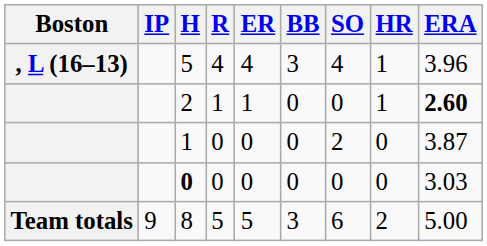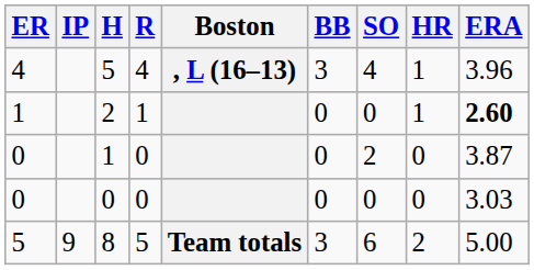 <table class="wikitable sortable plainrowheaders" border="2">
 <tr>
-<th scope="col">Boston</th>
+<th scope="col"><a href='#'>ER</a></th>
 <th scope="col"><a href='#'>IP</a></th>
 <th scope="col"><a href='#'>H</a></th>
 <th scope="col"><a href='#'>R</a></th>
-<th scope="col"><a href='#'>ER</a></th>
+<th scope="col">Boston</th>
 <th scope="col"><a href='#'>BB</a></th>
 <th scope="col"><a href='#'>SO</a></th>
 <th scope="col"><a href='#'>HR</a></th>
 <th scope="col"><a href='#'>ERA</a></th>
 </tr>
 <tr>
-<th scope="row">, <a href='#'>L</a> (16–13)</th>
+<td>4</td>
 <td></td>
 <td>5</td>
 <td>4</td>
-<td>4</td>
+<th scope="row">, <a href='#'>L</a> (16–13)</th>
 <td>3</td>
 <td>4</td>
 <td>1</td>
 <td>3.96</td>
 </tr>
 <tr>
-<th scope="row"></th>
+<td>1</td>
 <td></td>
 <td>2</td>
 <td>1</td>
-<td>1</td>
+<th scope="row"></th>
 <td>0</td>
 <td>0</td>
 <td>1</td>
 <td><strong>2.60</strong></td>
 </tr>
 <tr>
-<th scope="row"></th>
+<td>0</td>
 <td></td>
 <td>1</td>
 <td>0</td>
-<td>0</td>
+<th scope="row"></th>
 <td>0</td>
 <td>2</td>
 <td>0</td>
 <td>3.87</td>
 </tr>
 <tr>
-<th scope="row"></th>
+<td>0</td>
 <td></td>
-<td><strong>0</strong></td>
 <td>0</td>
 <td>0</td>
+<th scope="row"></th>
 <td>0</td>
 <td>0</td>
 <td>0</td>
 <td>3.03</td>
 </tr>
 <tr class="sortbottom">
-<th scope="row"><strong>Team totals</strong></th>
+<td>5</td>
 <td>9</td>
 <td>8</td>
 <td>5</td>
-<td>5</td>
+<th scope="row"><strong>Team totals</strong></th>
 <td>3</td>
 <td>6</td>
 <td>2</td>
 <td>5.00</td>
 </tr>
 </table>
